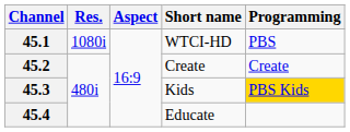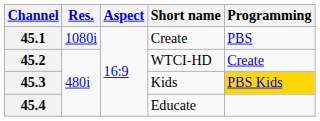 <table class="wikitable">
 <tr>
 <th><a href='#'>Channel</a></th>
 <th><a href='#'>Res.</a></th>
 <th><a href='#'>Aspect</a></th>
 <th>Short name</th>
 <th>Programming</th>
 </tr>
 <tr>
 <th scope = "row">45.1</th>
 <td><a href='#'>1080i</a></td>
 <td rowspan=4><a href='#'>16:9</a></td>
-<td>WTCI-HD</td>
+<td>Create</td>
 <td><a href='#'>PBS</a></td>
 </tr>
 <tr>
 <th scope = "row">45.2</th>
 <td rowspan=3><a href='#'>480i</a></td>
-<td>Create</td>
+<td>WTCI-HD</td>
 <td><a href='#'>Create</a></td>
 </tr>
 <tr>
 <th scope = "row">45.3</th>
 <td>Kids</td>
 <td style="background: gold;"><a href='#'>PBS Kids</a></td>
 </tr>
 <tr>
 <th scope = "row">45.4</th>
 <td>Educate</td>
 <td></td>
 </tr>
 </table>
